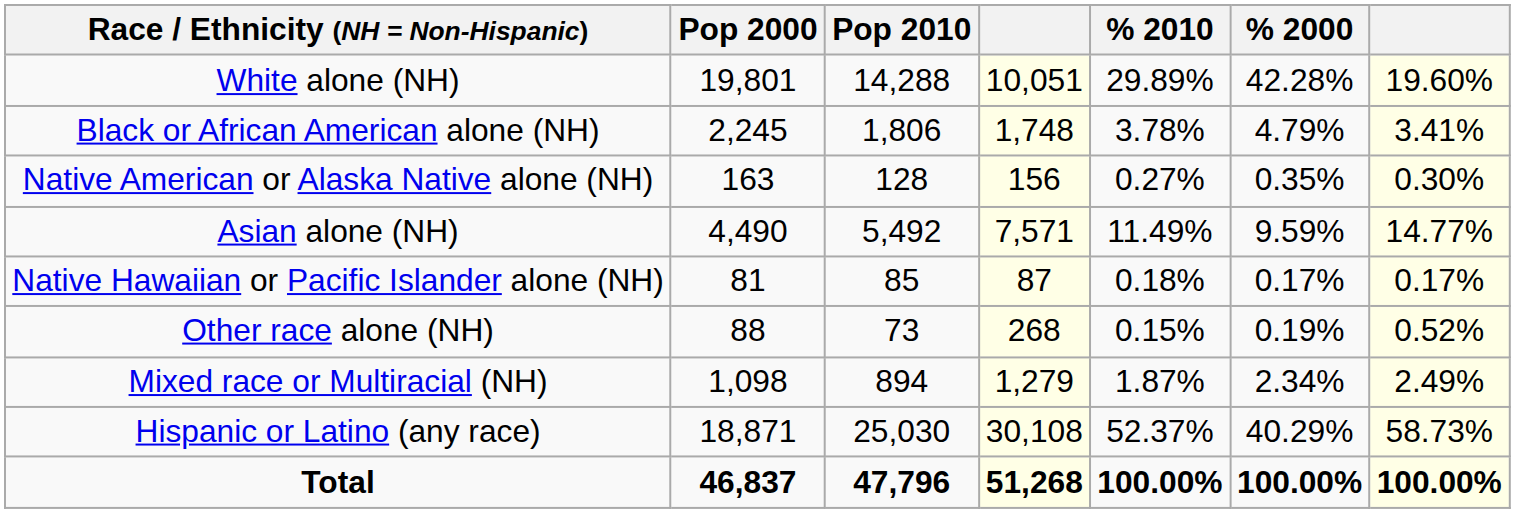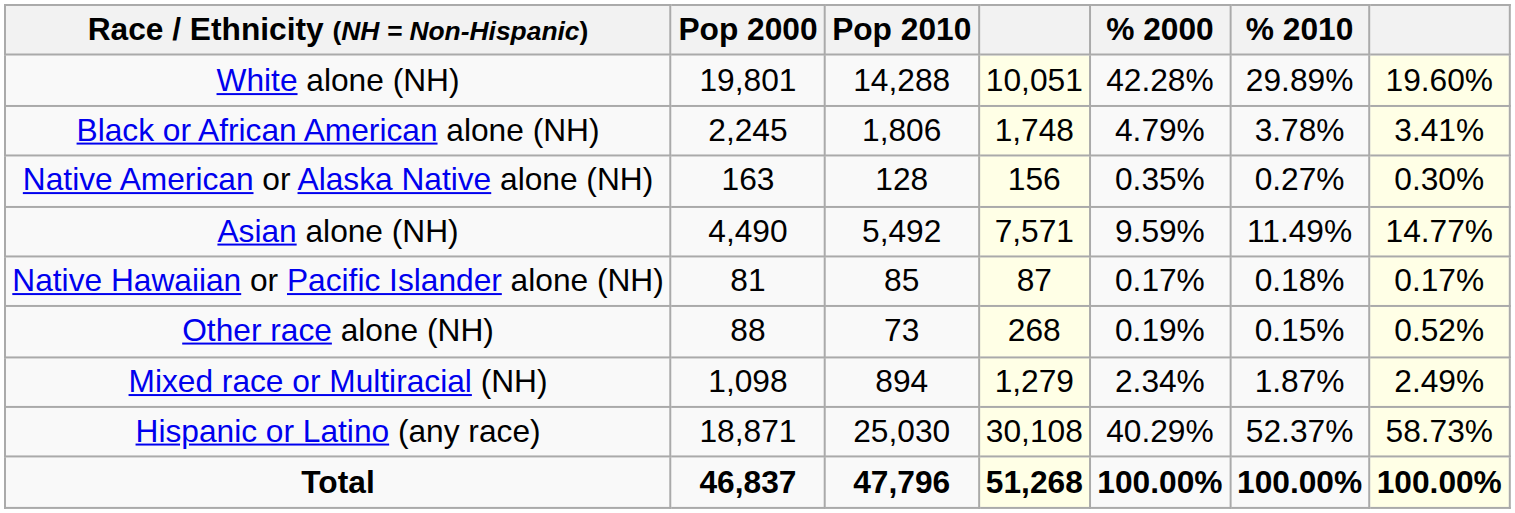 <table class="wikitable" style="text-align:center;">
 <tr>
 <th>Race / Ethnicity <small>(<em>NH = Non-Hispanic</em>)</small></th>
 <th>Pop 2000</th>
 <th>Pop 2010</th>
 <th></th>
+<th>% 2000</th>
 <th>% 2010</th>
-<th>% 2000</th>
 <th></th>
 </tr>
 <tr>
 <td><a href='#'>White</a> alone (NH)</td>
 <td>19,801</td>
 <td>14,288</td>
 <td style='background: #ffffe6;'>10,051</td>
+<td>42.28%</td>
 <td>29.89%</td>
-<td>42.28%</td>
 <td style='background: #ffffe6;'>19.60%</td>
 </tr>
 <tr>
 <td><a href='#'>Black or African American</a> alone (NH)</td>
 <td>2,245</td>
 <td>1,806</td>
 <td style='background: #ffffe6;'>1,748</td>
+<td>4.79%</td>
 <td>3.78%</td>
-<td>4.79%</td>
 <td style='background: #ffffe6;'>3.41%</td>
 </tr>
 <tr>
 <td><a href='#'>Native American</a> or <a href='#'>Alaska Native</a> alone (NH)</td>
 <td>163</td>
 <td>128</td>
 <td style='background: #ffffe6;'>156</td>
+<td>0.35%</td>
 <td>0.27%</td>
-<td>0.35%</td>
 <td style='background: #ffffe6;'>0.30%</td>
 </tr>
 <tr>
 <td><a href='#'>Asian</a> alone (NH)</td>
 <td>4,490</td>
 <td>5,492</td>
 <td style='background: #ffffe6;'>7,571</td>
+<td>9.59%</td>
 <td>11.49%</td>
-<td>9.59%</td>
 <td style='background: #ffffe6;'>14.77%</td>
 </tr>
 <tr>
 <td><a href='#'>Native Hawaiian</a> or <a href='#'>Pacific Islander</a> alone (NH)</td>
 <td>81</td>
 <td>85</td>
 <td style='background: #ffffe6;'>87</td>
+<td>0.17%</td>
 <td>0.18%</td>
-<td>0.17%</td>
 <td style='background: #ffffe6;'>0.17%</td>
 </tr>
 <tr>
 <td><a href='#'>Other race</a> alone (NH)</td>
 <td>88</td>
 <td>73</td>
 <td style='background: #ffffe6;'>268</td>
+<td>0.19%</td>
 <td>0.15%</td>
-<td>0.19%</td>
 <td style='background: #ffffe6;'>0.52%</td>
 </tr>
 <tr>
 <td><a href='#'>Mixed race or Multiracial</a> (NH)</td>
 <td>1,098</td>
 <td>894</td>
 <td style='background: #ffffe6;'>1,279</td>
+<td>2.34%</td>
 <td>1.87%</td>
-<td>2.34%</td>
 <td style='background: #ffffe6;'>2.49%</td>
 </tr>
 <tr>
 <td><a href='#'>Hispanic or Latino</a> (any race)</td>
 <td>18,871</td>
 <td>25,030</td>
 <td style='background: #ffffe6;'>30,108</td>
+<td>40.29%</td>
 <td>52.37%</td>
-<td>40.29%</td>
 <td style='background: #ffffe6;'>58.73%</td>
 </tr>
 <tr>
 <td><strong>Total</strong></td>
 <td><strong>46,837</strong></td>
 <td><strong>47,796</strong></td>
 <td style='background: #ffffe6;'><strong>51,268</strong></td>
 <td><strong>100.00%</strong></td>
 <td><strong>100.00%</strong></td>
 <td style='background: #ffffe6;'><strong>100.00%</strong></td>
 </tr>
 </table>
